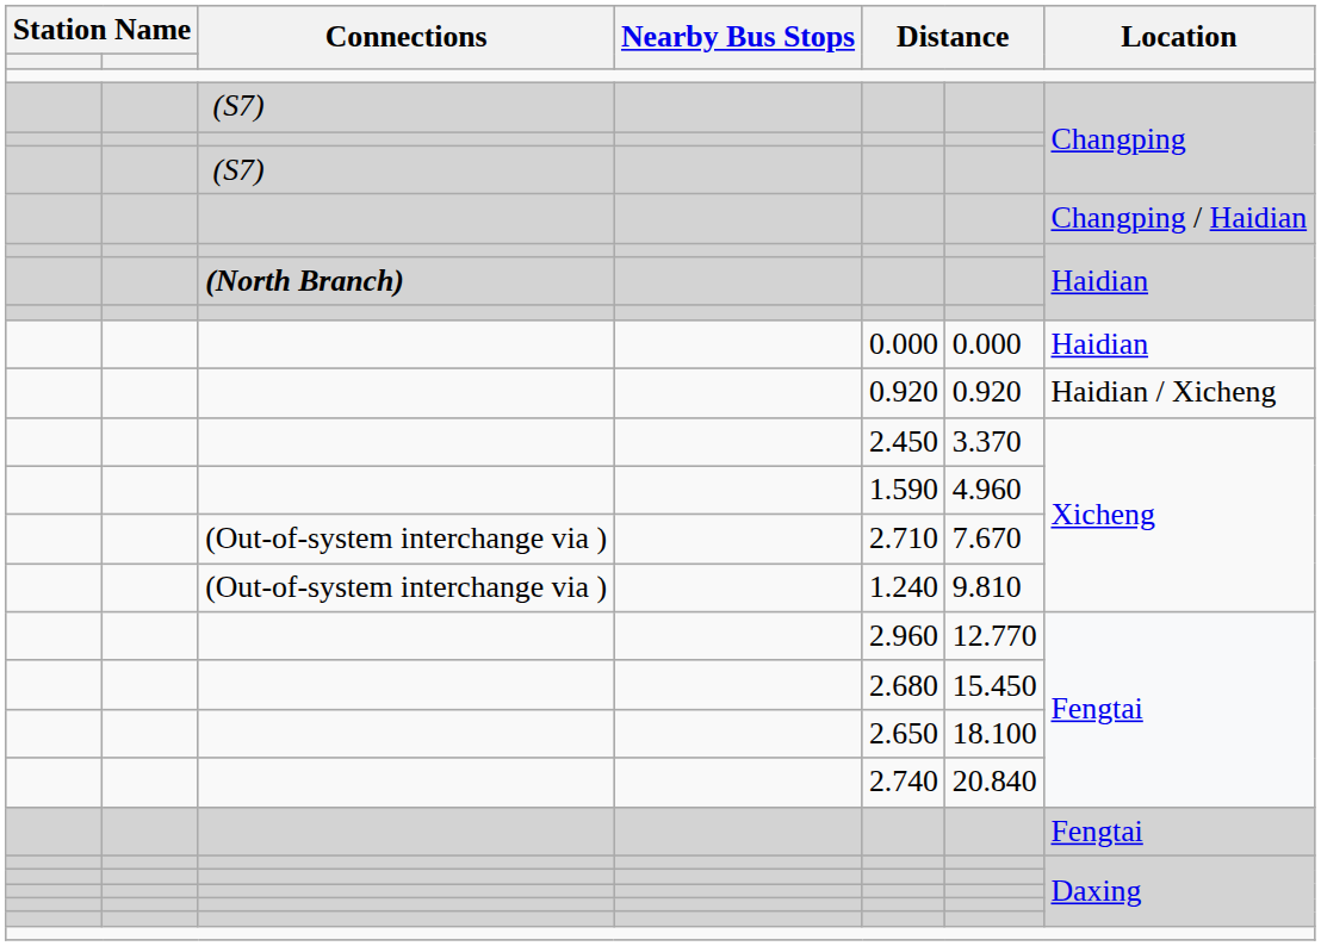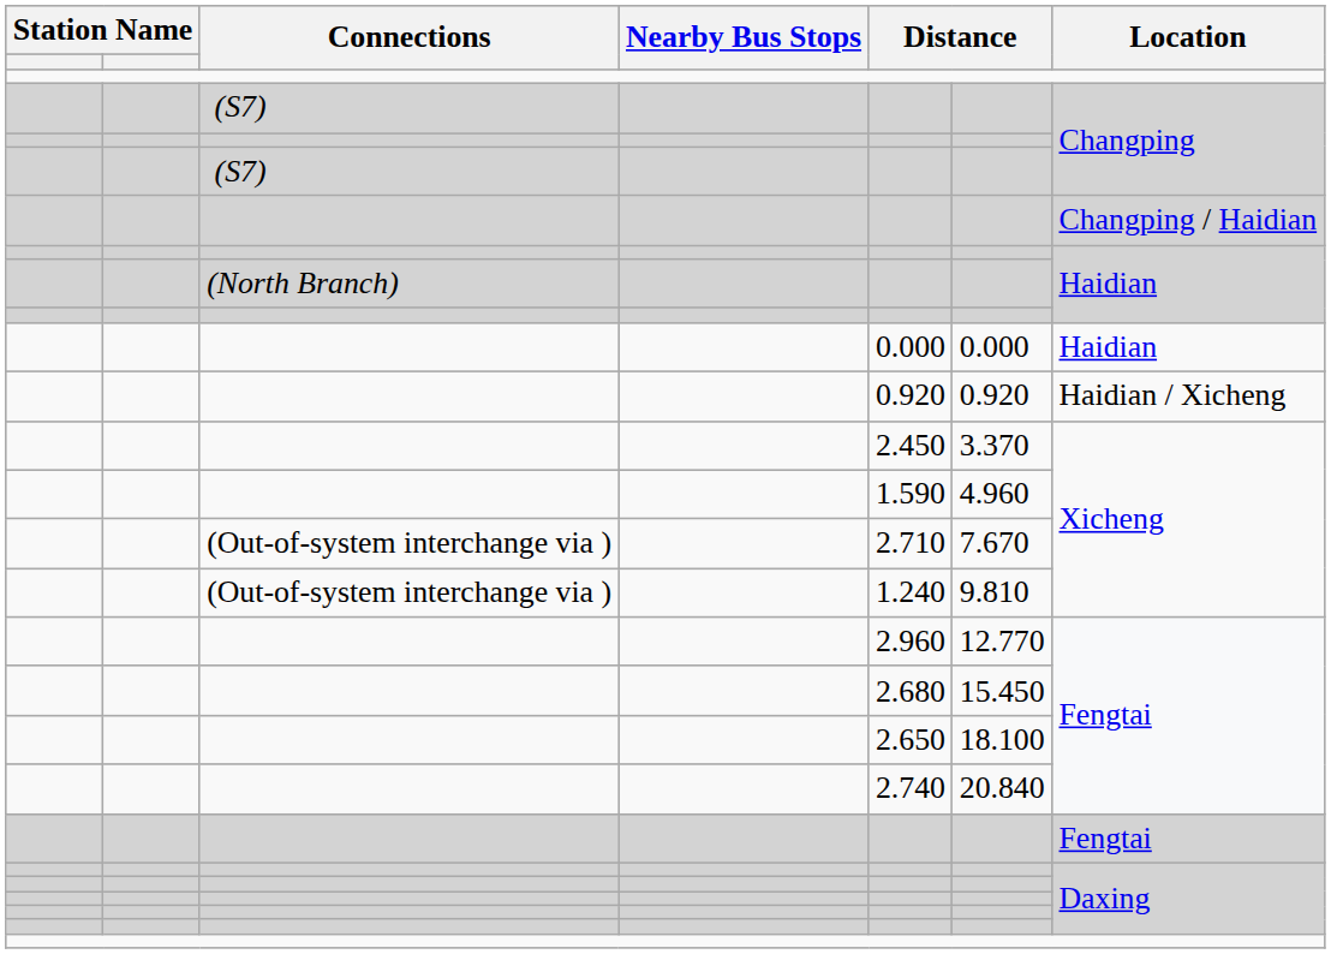 <table class=wikitable>
 <tr>
 <th colspan=2>Station Name</th>
 <th rowspan=2>Connections</th>
 <th rowspan="2"><a href='#'>Nearby Bus Stops</a></th>
 <th colspan=2 rowspan=2>Distance<br></th>
 <th rowspan="2">Location</th>
 </tr>
 <tr bgcolor="lightgrey">
 <th></th>
 <th></th>
 </tr>
 <tr style=background:#>
 <td colspan=7></td>
 </tr>
 <tr bgcolor="lightgrey">
 <td></td>
 <td></td>
 <td><em> (S7)<br></em></td>
 <td></td>
 <td></td>
 <td></td>
 <td rowspan="3"><a href='#'>Changping</a></td>
 </tr>
 <tr bgcolor="lightgrey">
 <td></td>
 <td></td>
 <td></td>
 <td></td>
 <td></td>
 <td></td>
 </tr>
 <tr bgcolor="lightgrey">
 <td></td>
 <td></td>
 <td><em> (S7)<br>  </em></td>
 <td></td>
 <td></td>
 <td></td>
 </tr>
 <tr bgcolor="lightgrey">
 <td></td>
 <td></td>
 <td></td>
 <td></td>
 <td></td>
 <td></td>
 <td rowspan="1"><a href='#'>Changping</a> / <a href='#'>Haidian</a></td>
 </tr>
 <tr bgcolor="lightgrey">
 <td></td>
 <td></td>
 <td></td>
 <td></td>
 <td></td>
 <td></td>
 <td rowspan="3"><a href='#'>Haidian</a></td>
 </tr>
 <tr bgcolor="lightgrey">
 <td></td>
 <td></td>
-<td><strong><em> (North Branch)</em></strong></td>
+<td><em> (North Branch)</em></td>
 <td></td>
 <td></td>
 <td></td>
 </tr>
 <tr bgcolor="lightgrey">
 <td></td>
 <td></td>
 <td></td>
 <td></td>
 <td></td>
 <td></td>
 </tr>
 <tr>
 <td></td>
 <td></td>
 <td></td>
 <td></td>
 <td>0.000</td>
 <td>0.000</td>
 <td><a href='#'>Haidian</a></td>
 </tr>
 <tr>
 <td></td>
 <td></td>
 <td></td>
 <td></td>
 <td>0.920</td>
 <td>0.920</td>
 <td>Haidian / Xicheng</td>
 </tr>
 <tr>
 <td></td>
 <td></td>
 <td></td>
 <td></td>
 <td>2.450</td>
 <td>3.370</td>
 <td rowspan="4"><a href='#'>Xicheng</a></td>
 </tr>
 <tr>
 <td></td>
 <td></td>
 <td> </td>
 <td></td>
 <td>1.590</td>
 <td>4.960</td>
 </tr>
 <tr>
 <td></td>
 <td></td>
 <td>  (Out-of-system interchange via )</td>
 <td></td>
 <td>2.710</td>
 <td>7.670</td>
 </tr>
 <tr>
 <td></td>
 <td></td>
 <td> (Out-of-system interchange via )</td>
 <td></td>
 <td>1.240</td>
 <td>9.810</td>
 </tr>
 <tr>
 <td></td>
 <td></td>
 <td></td>
 <td></td>
 <td>2.960</td>
 <td>12.770</td>
 <td bgcolor="#F8F9FA" rowspan="4"><a href='#'>Fengtai</a></td>
 </tr>
 <tr>
 <td></td>
 <td></td>
 <td> </td>
 <td></td>
 <td>2.680</td>
 <td>15.450</td>
 </tr>
 <tr>
 <td></td>
 <td></td>
 <td></td>
 <td></td>
 <td>2.650</td>
 <td>18.100</td>
 </tr>
 <tr>
 <td></td>
 <td></td>
 <td></td>
 <td></td>
 <td>2.740</td>
 <td>20.840</td>
 </tr>
 <tr bgcolor="lightgrey">
 <td></td>
 <td></td>
 <td></td>
 <td></td>
 <td></td>
 <td></td>
 <td rowspan="1"><a href='#'>Fengtai</a></td>
 </tr>
 <tr bgcolor="lightgrey">
 <td></td>
 <td></td>
 <td></td>
 <td></td>
 <td></td>
 <td></td>
 <td rowspan="5"><a href='#'>Daxing</a></td>
 </tr>
 <tr bgcolor="lightgrey">
 <td></td>
 <td></td>
 <td></td>
 <td></td>
 <td></td>
 <td></td>
 </tr>
 <tr bgcolor="lightgrey">
 <td></td>
 <td></td>
 <td></td>
 <td></td>
 <td></td>
 <td></td>
 </tr>
 <tr bgcolor="lightgrey">
 <td></td>
 <td></td>
 <td></td>
 <td></td>
 <td></td>
 <td></td>
 </tr>
 <tr bgcolor="lightgrey">
 <td></td>
 <td></td>
 <td></td>
 <td></td>
 <td></td>
 <td></td>
 </tr>
 <tr style=background:#>
 <td colspan=7></td>
 </tr>
 </table>
